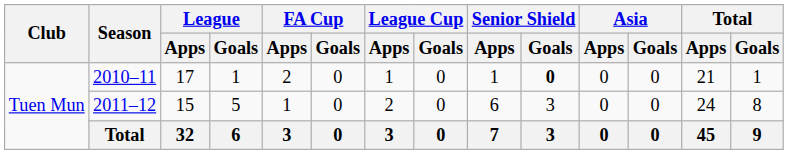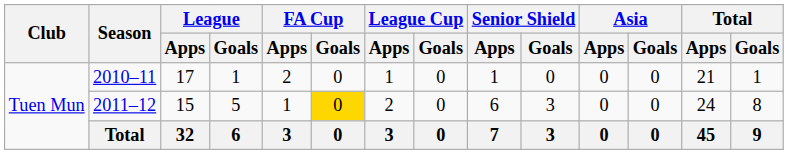 <table class="wikitable" style="text-align:center">
 <tr>
 <th rowspan="2">Club</th>
 <th rowspan="2">Season</th>
 <th colspan="2"><a href='#'>League</a></th>
 <th colspan="2"><a href='#'>FA Cup</a></th>
 <th colspan="2"><a href='#'>League Cup</a></th>
 <th colspan="2"><a href='#'>Senior Shield</a></th>
 <th colspan="2"><a href='#'>Asia</a></th>
 <th colspan="2">Total</th>
 </tr>
 <tr>
 <th>Apps</th>
 <th>Goals</th>
 <th>Apps</th>
 <th>Goals</th>
 <th>Apps</th>
 <th>Goals</th>
 <th>Apps</th>
 <th>Goals</th>
 <th>Apps</th>
 <th>Goals</th>
 <th>Apps</th>
 <th>Goals</th>
 </tr>
 <tr>
 <td rowspan="3"><a href='#'>Tuen Mun</a></td>
 <td><a href='#'>2010–11</a></td>
 <td>17</td>
 <td>1</td>
 <td>2</td>
 <td>0</td>
 <td>1</td>
 <td>0</td>
 <td>1</td>
-<td><strong>0</strong></td>
+<td>0</td>
 <td>0</td>
 <td>0</td>
 <td>21</td>
 <td>1</td>
 </tr>
 <tr>
 <td><a href='#'>2011–12</a></td>
 <td>15</td>
 <td>5</td>
 <td>1</td>
-<td>0</td>
+<td style="background: gold;">0</td>
 <td>2</td>
 <td>0</td>
 <td>6</td>
 <td>3</td>
 <td>0</td>
 <td>0</td>
 <td>24</td>
 <td>8</td>
 </tr>
 <tr>
 <th>Total</th>
 <th>32</th>
 <th>6</th>
 <th>3</th>
 <th>0</th>
 <th>3</th>
 <th>0</th>
 <th>7</th>
 <th>3</th>
 <th>0</th>
 <th>0</th>
 <th>45</th>
 <th>9</th>
 </tr>
 </table>
